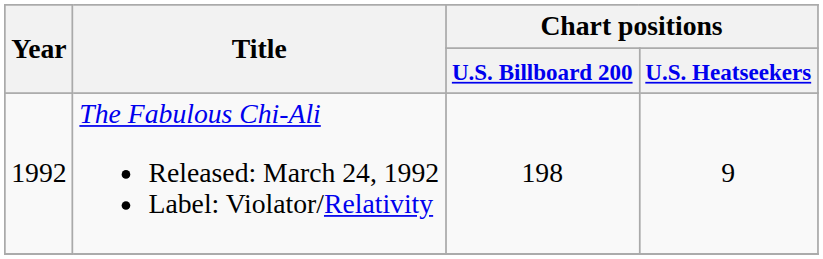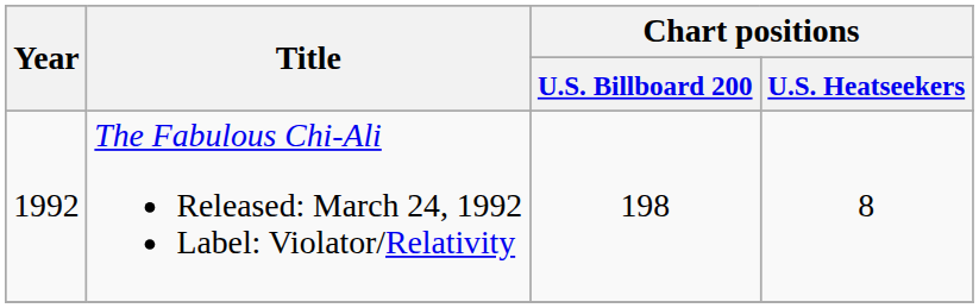 <table class="wikitable">
 <tr>
 <th rowspan="2">Year</th>
 <th rowspan="2">Title</th>
 <th colspan="2">Chart positions</th>
 </tr>
 <tr>
 <th><small><a href='#'>U.S. Billboard 200</a></small></th>
 <th><small><a href='#'>U.S. Heatseekers</a></small></th>
 </tr>
 <tr>
 <td>1992</td>
 <td><em><a href='#'>The Fabulous Chi-Ali</a></em><br><ul><li>Released: March 24, 1992</li><li>Label: Violator/<a href='#'>Relativity</a></li></ul></td>
 <td align="center">198</td>
-<td align="center">9</td>
+<td align="center">8</td>
 </tr>
 <tr>
 </tr>
 </table>
